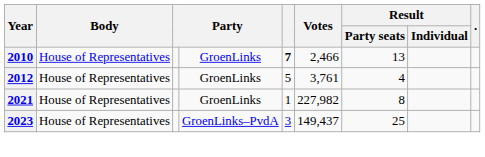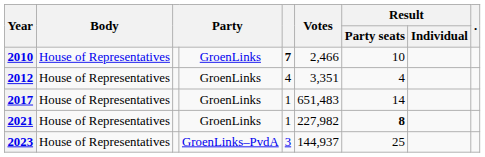 <table class="wikitable plainrowheaders sortable" border=2 cellpadding=4 cellspacing=0 style="border: 1px #aaa solid; font-size: 90%; text-align:center;">
 <tr>
 <th scope="col" rowspan=2>Year</th>
 <th scope="col" rowspan=2>Body</th>
 <th scope="col" colspan=2 rowspan=2>Party</th>
 <th scope="col" rowspan=2></th>
 <th scope="col" rowspan=2>Votes</th>
 <th scope="colgroup" colspan=2>Result</th>
 <th scope="col" rowspan=2 class="unsortable">.</th>
 </tr>
 <tr>
 <th scope="col">Party seats</th>
 <th scope="col">Individual</th>
 </tr>
 <tr>
 <th scope="row"><a href='#'>2010</a></th>
 <td><a href='#'>House of Representatives</a></td>
 <td style="background-color:"></td>
 <td><a href='#'>GroenLinks</a></td>
 <td style=text-align:right><strong>7</strong></td>
 <td style=text-align:right>2,466</td>
-<td style=text-align:right>13</td>
+<td style=text-align:right>10</td>
 <td></td>
 <td></td>
 </tr>
 <tr>
 <th scope="row"><a href='#'>2012</a></th>
 <td>House of Representatives</td>
 <td style="background-color:"></td>
 <td>GroenLinks</td>
-<td style=text-align:right>5</td>
-<td style=text-align:right>3,761</td>
 <td style=text-align:right>4</td>
+<td style=text-align:right>3,351</td>
+<td style=text-align:right>4</td>
+<td></td>
+<td></td>
+</tr>
+<tr>
+<th scope="row"><a href='#'>2017</a></th>
+<td>House of Representatives</td>
+<td style="background-color:"></td>
+<td>GroenLinks</td>
+<td style=text-align:right>1</td>
+<td style=text-align:right>651,483</td>
+<td style=text-align:right>14</td>
 <td></td>
 <td></td>
 </tr>
 <tr>
 <th scope="row"><a href='#'>2021</a></th>
 <td>House of Representatives</td>
 <td style="background-color:"></td>
 <td>GroenLinks</td>
 <td style=text-align:right>1</td>
 <td style=text-align:right>227,982</td>
-<td style=text-align:right>8</td>
+<td style=text-align:right><strong>8</strong></td>
 <td></td>
 <td></td>
 </tr>
 <tr>
 <th scope="row"><a href='#'>2023</a></th>
 <td>House of Representatives</td>
 <td style="background-color:"></td>
 <td><a href='#'>GroenLinks–PvdA</a></td>
 <td style=text-align:right><a href='#'>3</a></td>
-<td style=text-align:right>149,437</td>
+<td style=text-align:right>144,937</td>
 <td style=text-align:right>25</td>
 <td></td>
 <td></td>
 </tr>
 </table>
